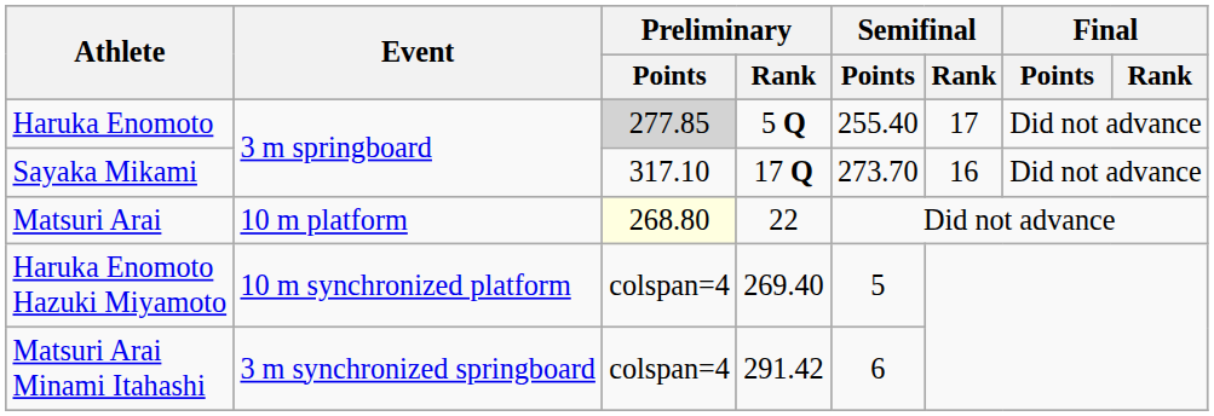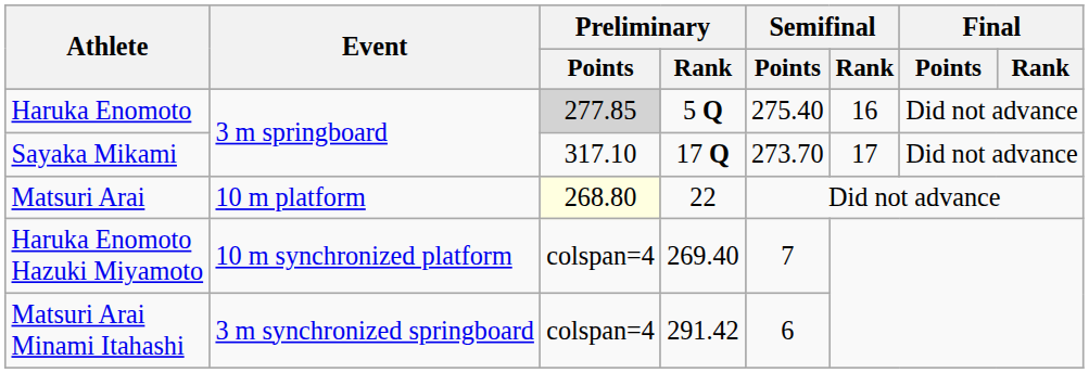 <table class=wikitable style="font-size:90%">
 <tr>
 <th rowspan="2">Athlete</th>
 <th rowspan="2">Event</th>
 <th colspan="2">Preliminary</th>
 <th colspan="2">Semifinal</th>
 <th colspan="2">Final</th>
 </tr>
 <tr style="font-size:95%">
 <th>Points</th>
 <th>Rank</th>
 <th>Points</th>
 <th>Rank</th>
 <th>Points</th>
 <th>Rank</th>
 </tr>
 <tr align=center>
 <td align=left><a href='#'>Haruka Enomoto</a></td>
 <td rowspan="2" align="left"><a href='#'>3 m springboard</a></td>
 <td style="background: lightgrey;">277.85</td>
 <td>5 <strong>Q</strong></td>
-<td>255.40</td>
-<td>17</td>
+<td>275.40</td>
+<td>16</td>
 <td colspan=2>Did not advance</td>
 </tr>
 <tr align=center>
 <td align=left><a href='#'>Sayaka Mikami</a></td>
 <td>317.10</td>
 <td>17 <strong>Q</strong></td>
 <td>273.70</td>
-<td>16</td>
+<td>17</td>
 <td colspan=2>Did not advance</td>
 </tr>
 <tr align=center>
 <td align=left><a href='#'>Matsuri Arai</a></td>
 <td align="left"><a href='#'>10 m platform</a></td>
 <td style="background: lightyellow;">268.80</td>
 <td>22</td>
 <td colspan="4">Did not advance</td>
 </tr>
 <tr align=center>
 <td align=left><a href='#'>Haruka Enomoto</a><br><a href='#'>Hazuki Miyamoto</a></td>
 <td align=left><a href='#'>10 m synchronized platform</a></td>
 <td>colspan=4 </td>
 <td>269.40</td>
-<td>5</td>
+<td>7</td>
 </tr>
 <tr align=center>
 <td align=left><a href='#'>Matsuri Arai</a><br><a href='#'>Minami Itahashi</a></td>
 <td align=left><a href='#'>3 m synchronized springboard</a></td>
 <td>colspan=4 </td>
 <td>291.42</td>
 <td>6</td>
 </tr>
 </table>
